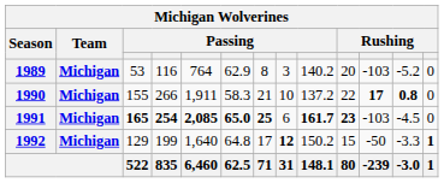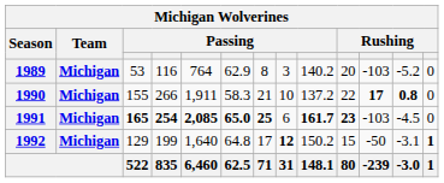 <table class= "wikitable"style="text-align:center;">
 <tr>
 <th colspan="15">Michigan Wolverines</th>
 </tr>
 <tr>
 <th rowspan="2">Season</th>
 <th rowspan="2">Team</th>
 <th colspan="7">Passing</th>
 <th colspan="4">Rushing</th>
 </tr>
 <tr>
 <th></th>
 <th></th>
 <th></th>
 <th></th>
 <th></th>
 <th></th>
 <th></th>
 <th></th>
 <th></th>
 <th></th>
 <th></th>
 </tr>
 <tr>
 <th><a href='#'>1989</a></th>
 <th><a href='#'>Michigan</a></th>
 <td>53</td>
 <td>116</td>
 <td>764</td>
 <td>62.9</td>
 <td>8</td>
 <td>3</td>
 <td>140.2</td>
 <td>20</td>
 <td>-103</td>
 <td>-5.2</td>
 <td>0</td>
 </tr>
 <tr>
 <th><a href='#'>1990</a></th>
 <th><a href='#'>Michigan</a></th>
 <td>155</td>
 <td>266</td>
 <td>1,911</td>
 <td>58.3</td>
 <td>21</td>
 <td>10</td>
 <td>137.2</td>
 <td>22</td>
 <td><strong>17</strong></td>
 <td><strong>0.8</strong></td>
 <td>0</td>
 </tr>
 <tr>
 <th><a href='#'>1991</a></th>
 <th><a href='#'>Michigan</a></th>
 <td><strong>165</strong></td>
 <td><strong>254</strong></td>
 <td><strong>2,085</strong></td>
 <td><strong>65.0</strong></td>
 <td><strong>25</strong></td>
 <td>6</td>
 <td><strong>161.7</strong></td>
 <td><strong>23</strong></td>
 <td>-103</td>
 <td>-4.5</td>
 <td>0</td>
 </tr>
 <tr>
 <th><a href='#'>1992</a></th>
 <th><a href='#'>Michigan</a></th>
 <td>129</td>
 <td>199</td>
 <td>1,640</td>
 <td>64.8</td>
 <td>17</td>
 <td><strong>12</strong></td>
 <td>150.2</td>
 <td>15</td>
 <td>-50</td>
-<td>-3.3</td>
+<td>-3.1</td>
 <td><strong>1</strong></td>
 </tr>
 <tr>
 <th colspan="2"></th>
 <th>522</th>
 <th>835</th>
 <th>6,460</th>
 <th>62.5</th>
 <th>71</th>
 <th>31</th>
 <th>148.1</th>
 <th>80</th>
 <th>-239</th>
 <th>-3.0</th>
 <th>1</th>
 </tr>
 </table>
